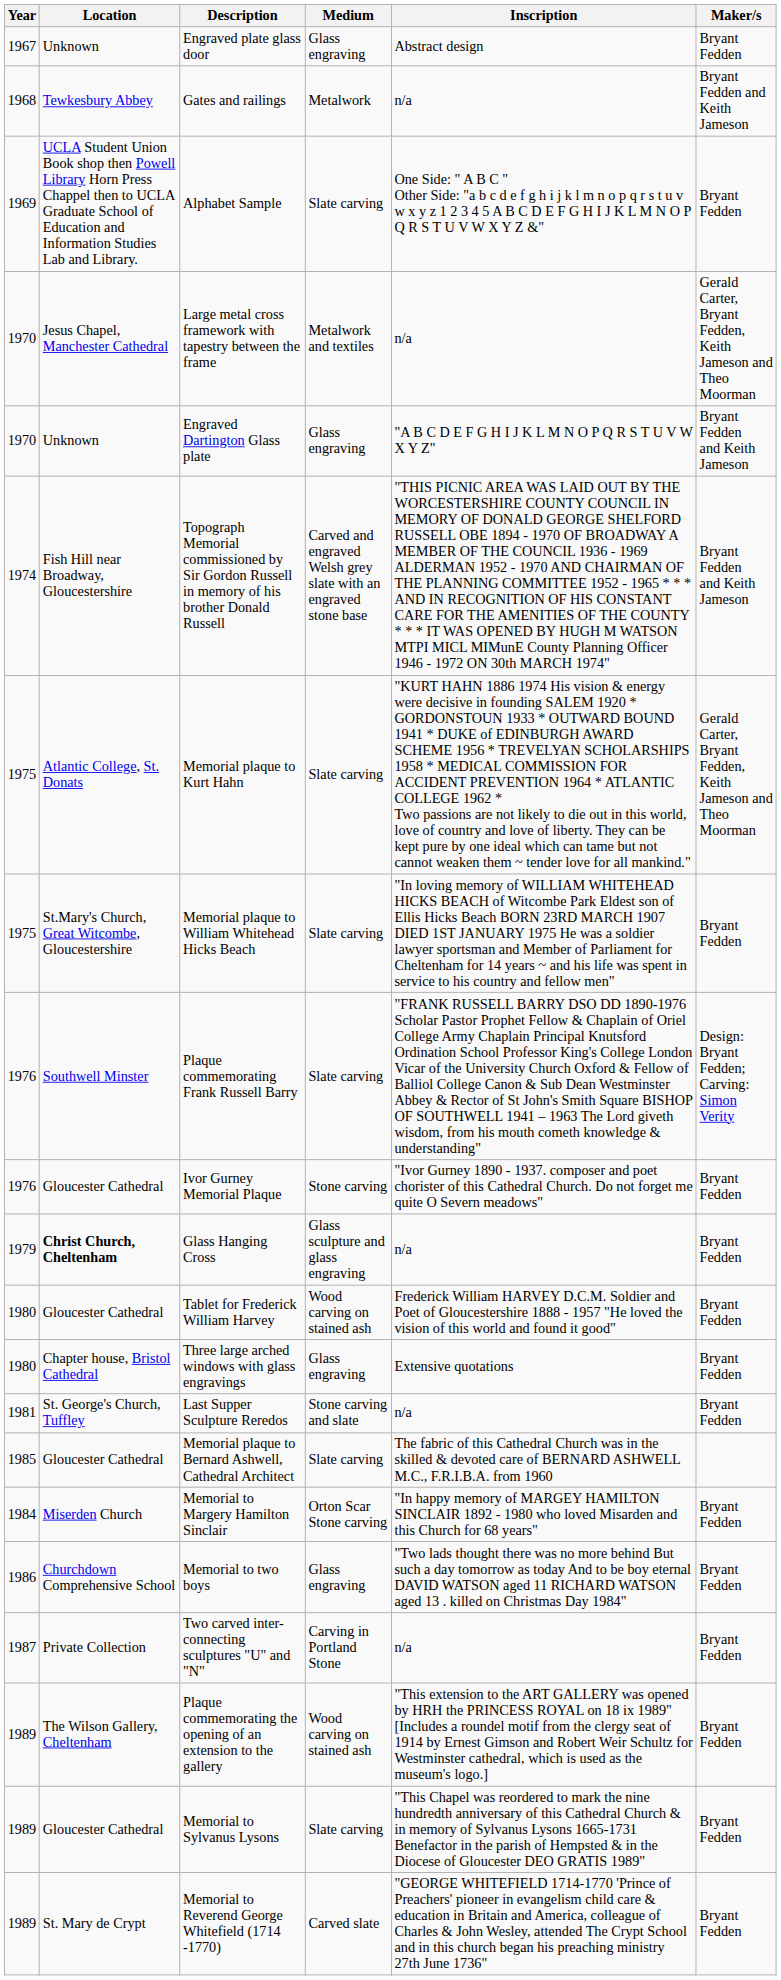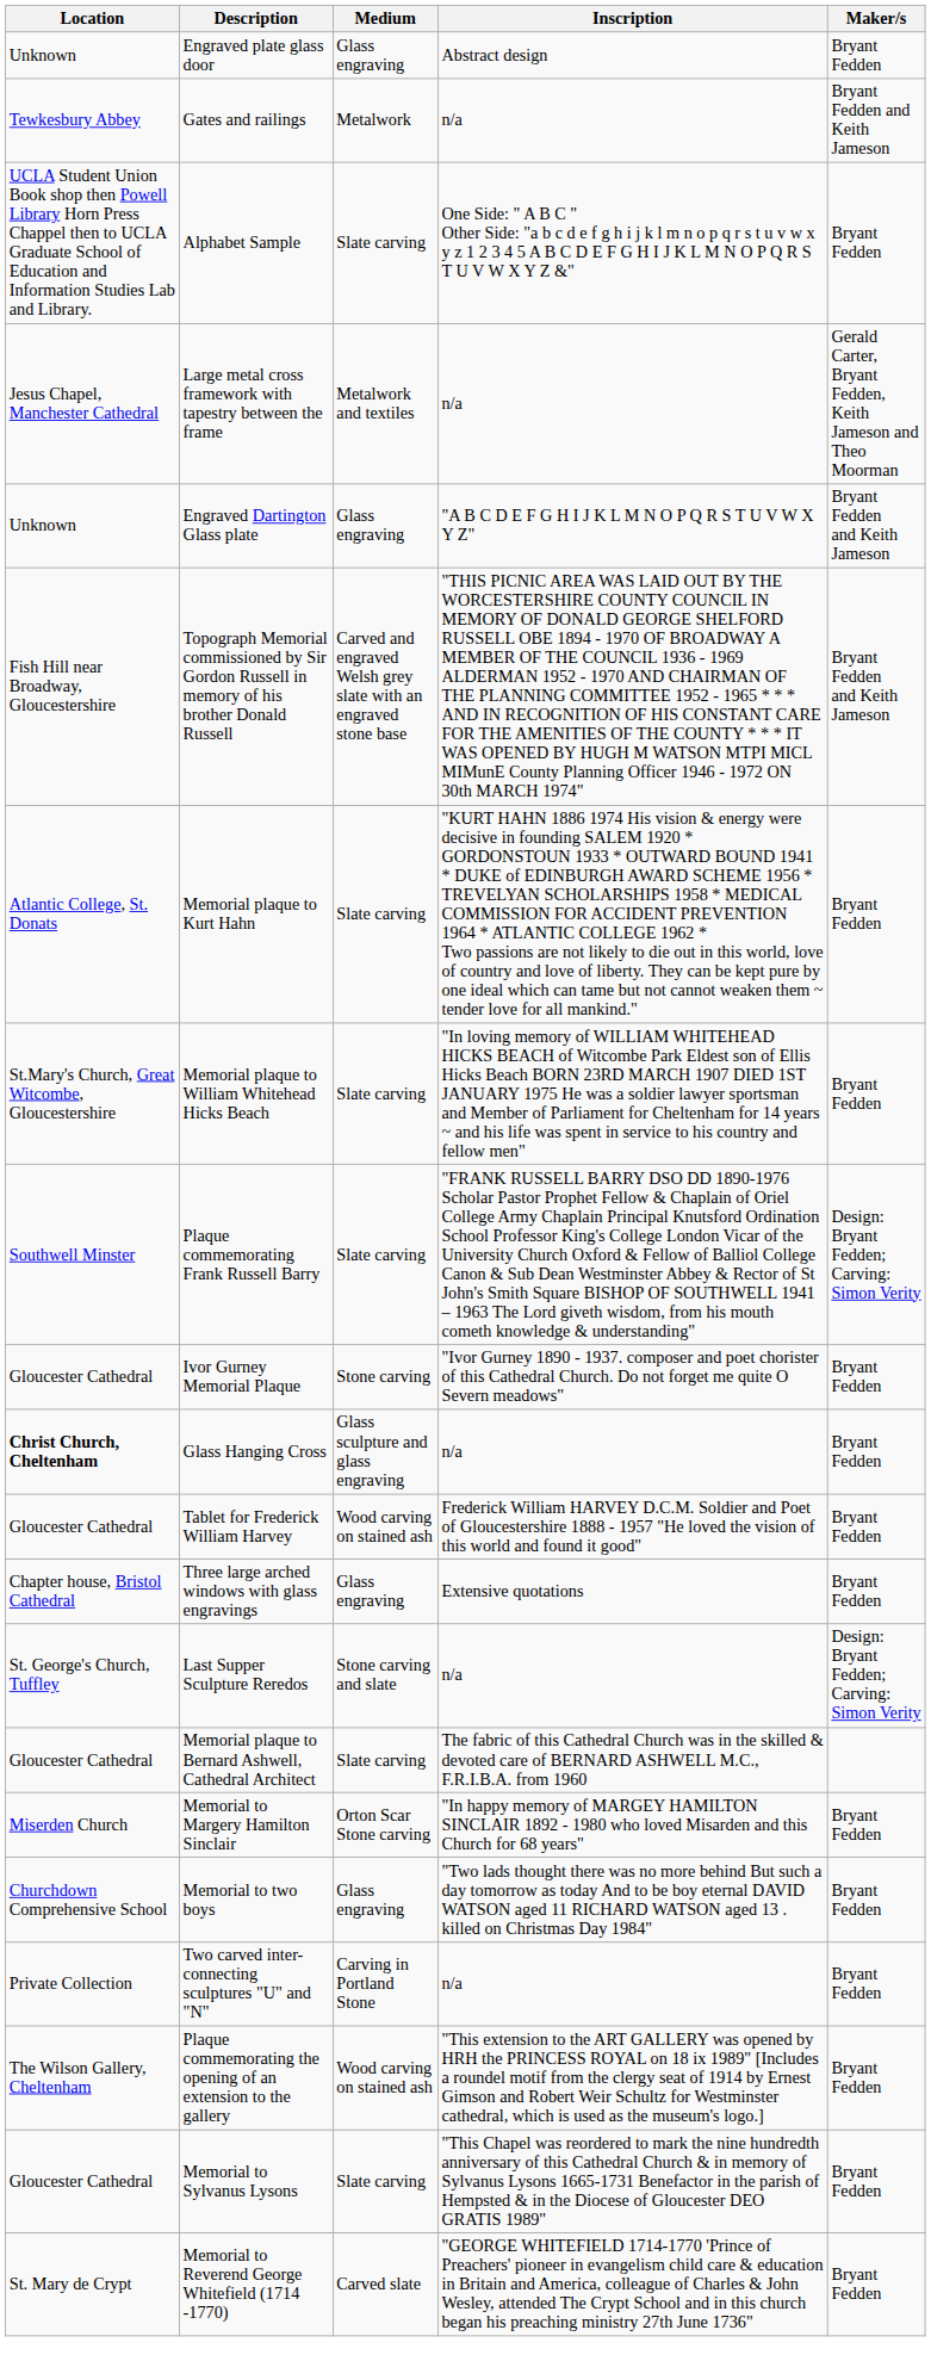 <table class="wikitable">
 <tr>
-<th>Year</th>
 <th>Location</th>
 <th>Description</th>
 <th>Medium</th>
 <th>Inscription</th>
 <th>Maker/s</th>
 </tr>
 <tr>
-<td>1967</td>
 <td>Unknown</td>
 <td>Engraved plate glass door</td>
 <td>Glass engraving</td>
 <td>Abstract design</td>
 <td>Bryant Fedden</td>
 </tr>
 <tr>
-<td>1968</td>
 <td><a href='#'>Tewkesbury Abbey</a></td>
 <td>Gates and railings</td>
 <td>Metalwork</td>
 <td>n/a</td>
 <td>Bryant Fedden and Keith Jameson</td>
 </tr>
 <tr>
-<td>1969</td>
 <td><a href='#'>UCLA</a> Student Union Book shop then <a href='#'>Powell Library</a> Horn Press Chappel then to UCLA Graduate School of Education and Information Studies Lab and Library.</td>
 <td>Alphabet Sample</td>
 <td>Slate carving</td>
 <td>One Side: " A B C "<br>Other Side: "a b c d e f g h i j k l m n o p q r s t u v w x y z 1 2 3 4 5 A B C D E F G H I J K L M N O P Q R S T U V W X Y Z &"</td>
 <td>Bryant Fedden</td>
 </tr>
 <tr>
-<td>1970</td>
 <td>Jesus Chapel, <a href='#'>Manchester Cathedral</a></td>
 <td>Large metal cross framework with tapestry between the frame</td>
 <td>Metalwork and textiles</td>
 <td>n/a</td>
 <td>Gerald Carter, Bryant Fedden, Keith Jameson and Theo Moorman</td>
 </tr>
 <tr>
-<td>1970</td>
 <td>Unknown</td>
 <td>Engraved <a href='#'>Dartington</a> Glass plate</td>
 <td>Glass engraving</td>
 <td>"A B C D E F G H I J K L M N O P Q R S T     U V W X Y Z"</td>
 <td>Bryant Fedden<br>and Keith Jameson</td>
 </tr>
 <tr>
-<td>1974</td>
 <td>Fish Hill near Broadway, Gloucestershire</td>
 <td>Topograph Memorial commissioned by Sir Gordon Russell in memory of his brother Donald Russell</td>
 <td>Carved and engraved Welsh grey slate with an engraved stone base</td>
 <td>"THIS PICNIC AREA WAS LAID OUT BY THE WORCESTERSHIRE COUNTY COUNCIL IN MEMORY OF DONALD GEORGE SHELFORD RUSSELL OBE 1894 - 1970 OF BROADWAY A MEMBER OF THE COUNCIL 1936 - 1969 ALDERMAN 1952 - 1970 AND CHAIRMAN OF THE PLANNING COMMITTEE 1952 - 1965 * * * AND IN RECOGNITION OF HIS CONSTANT CARE FOR THE AMENITIES OF THE COUNTY * * * IT WAS OPENED BY HUGH M WATSON MTPI MICL MIMunE County Planning Officer 1946 - 1972 ON 30th MARCH 1974"</td>
 <td>Bryant Fedden<br>and Keith Jameson</td>
 </tr>
 <tr>
-<td>1975</td>
 <td><a href='#'>Atlantic College</a>, <a href='#'>St. Donats</a></td>
 <td>Memorial plaque to Kurt Hahn</td>
 <td>Slate carving</td>
 <td>"KURT HAHN 1886 1974 His vision & energy were decisive in founding SALEM 1920 * GORDONSTOUN 1933 * OUTWARD BOUND 1941 * DUKE of EDINBURGH AWARD SCHEME 1956 * TREVELYAN SCHOLARSHIPS 1958 * MEDICAL COMMISSION FOR ACCIDENT PREVENTION 1964 * ATLANTIC COLLEGE 1962 *<br>Two passions are not likely to die out in this world, love of country and love of liberty. They can be kept pure by one ideal which can tame but not cannot weaken them ~  tender love for all mankind."</td>
-<td>Gerald Carter, Bryant Fedden, Keith Jameson and Theo Moorman</td>
+<td>Bryant Fedden</td>
 </tr>
 <tr>
-<td>1975</td>
 <td>St.Mary's Church, <a href='#'>Great Witcombe</a>, Gloucestershire</td>
 <td>Memorial plaque to William Whitehead Hicks Beach</td>
 <td>Slate carving</td>
 <td>"In loving  memory of WILLIAM WHITEHEAD HICKS BEACH of Witcombe Park Eldest son of Ellis Hicks Beach BORN 23RD MARCH 1907 DIED 1ST JANUARY 1975 He was a soldier lawyer sportsman and Member of Parliament for Cheltenham for 14 years ~ and his life was spent in service to his country and fellow men"</td>
 <td>Bryant Fedden</td>
 </tr>
 <tr>
-<td>1976</td>
 <td><a href='#'>Southwell Minster</a></td>
 <td>Plaque commemorating Frank Russell Barry</td>
 <td>Slate carving</td>
 <td>"FRANK RUSSELL BARRY DSO DD 1890-1976 Scholar Pastor Prophet Fellow & Chaplain of Oriel College Army Chaplain Principal Knutsford Ordination School Professor King's College London Vicar of the University Church Oxford & Fellow of Balliol College Canon & Sub Dean Westminster Abbey & Rector of St John's Smith Square BISHOP OF SOUTHWELL 1941 – 1963 The Lord giveth wisdom, from his mouth cometh knowledge & understanding"</td>
 <td>Design: Bryant Fedden; Carving: <a href='#'>Simon Verity</a></td>
 </tr>
 <tr>
-<td>1976</td>
 <td>Gloucester Cathedral</td>
 <td>Ivor Gurney Memorial Plaque</td>
 <td>Stone carving</td>
 <td>"Ivor Gurney 1890 - 1937. composer and poet chorister of this Cathedral Church. Do not forget me quite O Severn meadows"</td>
 <td>Bryant Fedden</td>
 </tr>
 <tr>
-<td>1979</td>
 <td><strong>Christ Church, Cheltenham</strong></td>
 <td>Glass Hanging Cross</td>
 <td>Glass sculpture and glass engraving</td>
 <td>n/a</td>
 <td>Bryant Fedden</td>
 </tr>
 <tr>
-<td>1980</td>
 <td>Gloucester Cathedral</td>
 <td>Tablet for Frederick William Harvey</td>
 <td>Wood carving on stained ash</td>
 <td>Frederick William HARVEY D.C.M.  Soldier and Poet of Gloucestershire  1888 - 1957 "He loved the vision of this world and found it good"</td>
 <td>Bryant Fedden</td>
 </tr>
 <tr>
-<td>1980</td>
 <td>Chapter house, <a href='#'>Bristol Cathedral</a></td>
 <td>Three large arched windows with glass engravings</td>
 <td>Glass engraving</td>
 <td>Extensive quotations</td>
 <td>Bryant Fedden</td>
 </tr>
 <tr>
-<td>1981</td>
 <td>St. George's Church, <a href='#'>Tuffley</a></td>
 <td>Last Supper Sculpture  Reredos</td>
 <td>Stone carving and slate</td>
 <td>n/a</td>
-<td>Bryant Fedden</td>
+<td>Design: Bryant Fedden; Carving: <a href='#'>Simon Verity</a></td>
 </tr>
 <tr>
-<td>1985</td>
 <td>Gloucester Cathedral</td>
 <td>Memorial plaque to Bernard Ashwell, Cathedral Architect</td>
 <td>Slate carving</td>
 <td>The fabric of this Cathedral Church was in the skilled & devoted care of BERNARD ASHWELL M.C., F.R.I.B.A. from 1960</td>
 <td></td>
 </tr>
 <tr>
-<td>1984</td>
 <td><a href='#'>Miserden</a> Church</td>
 <td>Memorial to Margery Hamilton Sinclair</td>
 <td>Orton Scar Stone carving</td>
 <td>"In happy memory of MARGEY HAMILTON SINCLAIR 1892 - 1980 who loved Misarden and this Church for 68 years"</td>
 <td>Bryant Fedden</td>
 </tr>
 <tr>
-<td>1986</td>
 <td><a href='#'>Churchdown</a> Comprehensive School</td>
 <td>Memorial to two boys</td>
 <td>Glass engraving</td>
 <td>"Two lads thought there was no more behind But such a day tomorrow as today And to be boy eternal DAVID WATSON aged 11 RICHARD WATSON aged 13 . killed on Christmas Day 1984"</td>
 <td>Bryant Fedden</td>
 </tr>
 <tr>
-<td>1987</td>
 <td>Private Collection</td>
 <td>Two carved inter-connecting sculptures "U" and "N" </td>
 <td>Carving in Portland Stone</td>
 <td>n/a</td>
 <td>Bryant Fedden</td>
 </tr>
 <tr>
-<td>1989</td>
 <td>The Wilson Gallery, <a href='#'>Cheltenham</a></td>
 <td>Plaque commemorating the opening of an extension to the gallery</td>
 <td>Wood carving on stained ash</td>
 <td>"This extension to the ART GALLERY was opened by HRH the PRINCESS ROYAL on 18 ix 1989" [Includes a roundel motif from the clergy seat of 1914 by Ernest Gimson and Robert Weir Schultz for Westminster cathedral, which is used as the museum's logo.]</td>
 <td>Bryant Fedden</td>
 </tr>
 <tr>
-<td>1989</td>
 <td>Gloucester Cathedral</td>
 <td>Memorial to Sylvanus Lysons</td>
 <td>Slate carving</td>
 <td>"This Chapel was reordered to mark the nine hundredth anniversary of this Cathedral Church & in memory of Sylvanus Lysons 1665-1731 Benefactor in the parish of Hempsted & in the Diocese of Gloucester DEO GRATIS 1989"</td>
 <td>Bryant Fedden</td>
 </tr>
 <tr>
-<td>1989</td>
 <td>St. Mary de Crypt</td>
 <td>Memorial to Reverend George Whitefield (1714 -1770)</td>
 <td>Carved slate</td>
 <td>"GEORGE WHITEFIELD 1714-1770 'Prince of Preachers' pioneer in evangelism child care & education in Britain and America, colleague of Charles & John Wesley, attended The Crypt School and in this church began his preaching ministry 27th June 1736"</td>
 <td>Bryant Fedden</td>
 </tr>
 </table>
